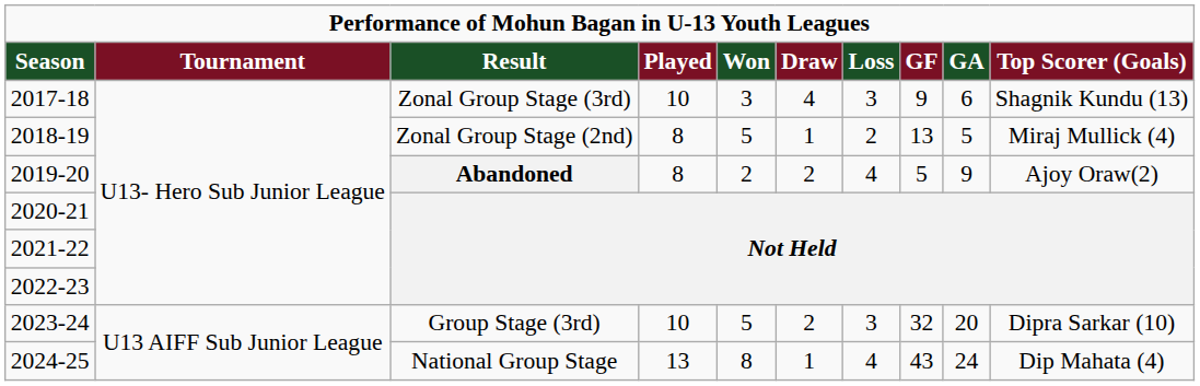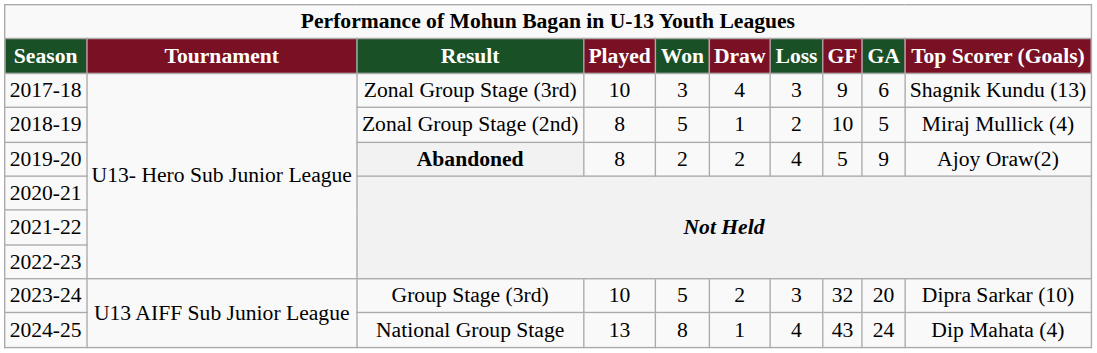 <table class="wikitable sortable" style="text-align:center;">
 <tr>
 <td colspan="10"><strong>Performance of Mohun Bagan in U-13 Youth Leagues</strong></td>
 </tr>
 <tr>
 <th style="background:#1A5026; color:white; text-align:center;">Season</th>
 <th style="background:#7A1024; color:white; text-align:center;">Tournament</th>
 <th style="background:#1A5026; color:white; text-align:center;">Result</th>
 <th style="background:#7A1024; color:white; text-align:center;">Played</th>
 <th style="background:#1A5026; color:white; text-align:center;">Won</th>
 <th style="background:#7A1024; color:white; text-align:center;">Draw</th>
 <th style="background:#1A5026; color:white; text-align:center;">Loss</th>
 <th style="background:#7A1024; color:white; text-align:center;">GF</th>
 <th style="background:#1A5026; color:white; text-align:center;">GA</th>
 <th style="background:#7A1024; color:white; text-align:center;">Top Scorer (Goals)</th>
 </tr>
 <tr>
 <td>2017-18</td>
 <td rowspan=6>U13- Hero Sub Junior League</td>
 <td>Zonal Group Stage (3rd)</td>
 <td>10</td>
 <td>3</td>
 <td>4</td>
 <td>3</td>
 <td>9</td>
 <td>6</td>
 <td>Shagnik Kundu (13)</td>
 </tr>
 <tr>
 <td>2018-19</td>
 <td>Zonal Group Stage (2nd)</td>
 <td>8</td>
 <td>5</td>
 <td>1</td>
 <td>2</td>
-<td>13</td>
+<td>10</td>
 <td>5</td>
 <td>Miraj Mullick (4)</td>
 </tr>
 <tr>
 <td>2019-20</td>
 <th>Abandoned </th>
 <td>8</td>
 <td>2</td>
 <td>2</td>
 <td>4</td>
 <td>5</td>
 <td>9</td>
 <td>Ajoy Oraw(2)</td>
 </tr>
 <tr>
 <td>2020-21</td>
 <th rowspan=3; colspan=8><em>Not Held</em></th>
 </tr>
 <tr>
 <td>2021-22</td>
 </tr>
 <tr>
 <td>2022-23</td>
 </tr>
 <tr>
 <td>2023-24</td>
 <td rowspan=3>U13 AIFF Sub Junior League</td>
 <td>Group Stage (3rd)</td>
 <td>10</td>
 <td>5</td>
 <td>2</td>
 <td>3</td>
 <td>32</td>
 <td>20</td>
 <td>Dipra Sarkar (10)</td>
 </tr>
 <tr>
 <td>2024-25</td>
 <td>National Group Stage</td>
 <td>13</td>
 <td>8</td>
 <td>1</td>
 <td>4</td>
 <td>43</td>
 <td>24</td>
 <td>Dip Mahata (4)</td>
 </tr>
 </table>
